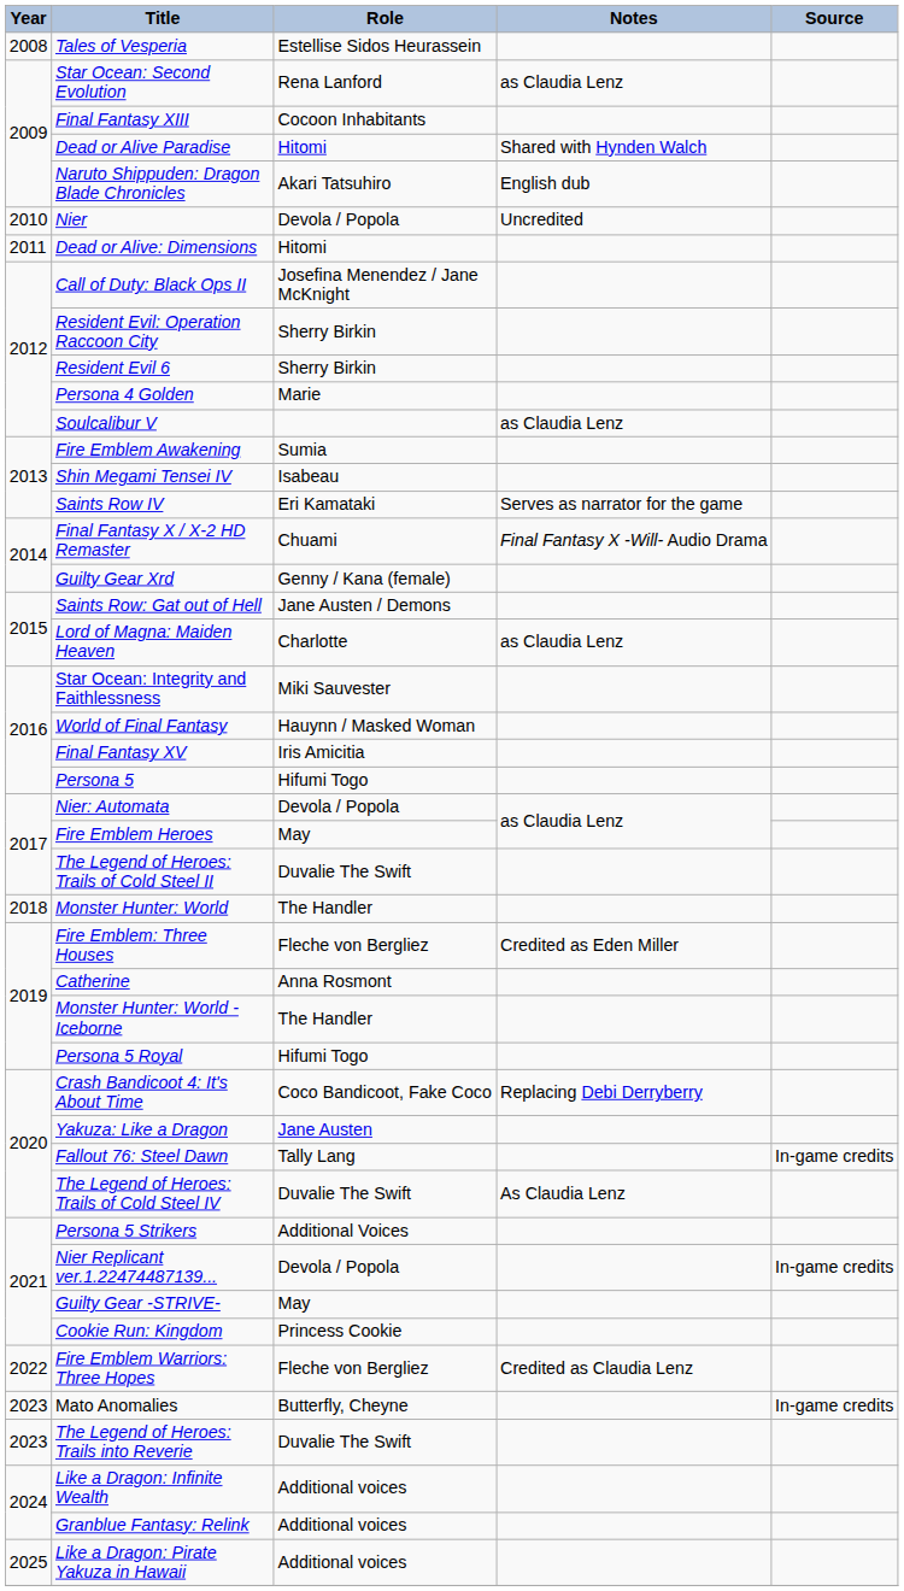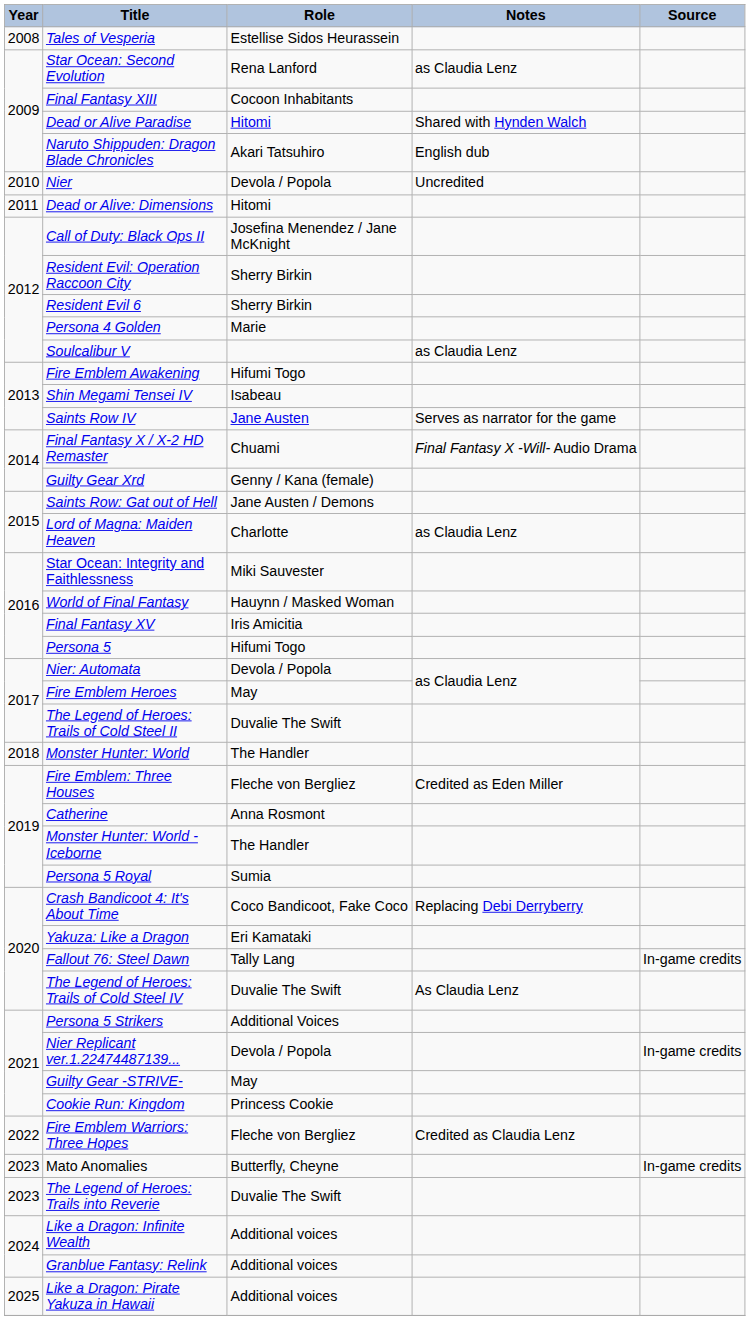 <table class="wikitable sortable plainrowheaders" style="width=95%;  font-size: 100%;">
 <tr style="background:#ccc; text-align:center;">
 <th style="background:#b0c4de;">Year</th>
 <th style="background:#b0c4de; width:200px;">Title</th>
 <th style="background:#b0c4de; width:200px;">Role</th>
 <th style="background:#b0c4de;" class="unsortable">Notes</th>
 <th style="background:#b0c4de;" class="unsortable">Source</th>
 </tr>
 <tr>
 <td>2008</td>
 <td><em><a href='#'>Tales of Vesperia</a></em></td>
 <td>Estellise Sidos Heurassein</td>
 <td></td>
 <td></td>
 </tr>
 <tr>
 <td rowspan="4">2009</td>
 <td><em><a href='#'>Star Ocean: Second Evolution</a></em></td>
 <td>Rena Lanford</td>
 <td>as Claudia Lenz</td>
 <td></td>
 </tr>
 <tr>
 <td><em><a href='#'>Final Fantasy XIII</a></em></td>
 <td>Cocoon Inhabitants</td>
 <td></td>
 <td></td>
 </tr>
 <tr>
 <td><em><a href='#'>Dead or Alive Paradise</a></em></td>
 <td><a href='#'>Hitomi</a></td>
 <td>Shared with <a href='#'>Hynden Walch</a></td>
 <td></td>
 </tr>
 <tr>
 <td><em><a href='#'>Naruto Shippuden: Dragon Blade Chronicles</a></em></td>
 <td>Akari Tatsuhiro</td>
 <td>English dub</td>
 <td></td>
 </tr>
 <tr>
 <td>2010</td>
 <td><em><a href='#'>Nier</a></em></td>
 <td>Devola  / Popola</td>
 <td>Uncredited</td>
 <td></td>
 </tr>
 <tr>
 <td>2011</td>
 <td><em><a href='#'>Dead or Alive: Dimensions</a></em></td>
 <td>Hitomi</td>
 <td></td>
 <td></td>
 </tr>
 <tr>
 <td rowspan="5">2012</td>
 <td><em><a href='#'>Call of Duty: Black Ops II</a></em></td>
 <td>Josefina Menendez / Jane McKnight</td>
 <td></td>
 <td></td>
 </tr>
 <tr>
 <td><em><a href='#'>Resident Evil: Operation Raccoon City</a></em></td>
 <td>Sherry Birkin</td>
 <td></td>
 <td></td>
 </tr>
 <tr>
 <td><em><a href='#'>Resident Evil 6</a></em></td>
 <td>Sherry Birkin</td>
 <td></td>
 <td></td>
 </tr>
 <tr>
 <td><em><a href='#'>Persona 4 Golden</a></em></td>
 <td>Marie</td>
 <td></td>
 <td></td>
 </tr>
 <tr>
 <td><em><a href='#'>Soulcalibur V</a></em></td>
 <td></td>
 <td>as Claudia Lenz</td>
 <td></td>
 </tr>
 <tr>
 <td rowspan="3">2013</td>
 <td><em><a href='#'>Fire Emblem Awakening</a></em></td>
-<td>Sumia</td>
+<td>Hifumi Togo</td>
 <td></td>
 <td></td>
 </tr>
 <tr>
 <td><em><a href='#'>Shin Megami Tensei IV</a></em></td>
 <td>Isabeau</td>
 <td></td>
 <td></td>
 </tr>
 <tr>
 <td><em><a href='#'>Saints Row IV</a></em></td>
-<td>Eri Kamataki</td>
+<td><a href='#'>Jane Austen</a></td>
 <td>Serves as narrator for the game</td>
 <td></td>
 </tr>
 <tr>
 <td rowspan="2">2014</td>
 <td><em><a href='#'>Final Fantasy X / X-2 HD Remaster</a></em></td>
 <td>Chuami</td>
 <td><em>Final Fantasy X -Will-</em> Audio Drama</td>
 <td></td>
 </tr>
 <tr>
 <td><em><a href='#'>Guilty Gear Xrd</a></em></td>
 <td>Genny / Kana (female)</td>
 <td></td>
 <td></td>
 </tr>
 <tr>
 <td rowspan="2">2015</td>
 <td><em><a href='#'>Saints Row: Gat out of Hell</a></em></td>
 <td>Jane Austen / Demons</td>
 <td></td>
 <td></td>
 </tr>
 <tr>
 <td><em><a href='#'>Lord of Magna: Maiden Heaven</a></em></td>
 <td>Charlotte</td>
 <td>as Claudia Lenz</td>
 <td></td>
 </tr>
 <tr>
 <td rowspan="4">2016</td>
 <td><a href='#'>Star Ocean: Integrity and Faithlessness</a></td>
 <td>Miki Sauvester</td>
 <td></td>
 <td></td>
 </tr>
 <tr>
 <td><em><a href='#'>World of Final Fantasy</a></em></td>
 <td>Hauynn / Masked Woman</td>
 <td></td>
 <td></td>
 </tr>
 <tr>
 <td><em><a href='#'>Final Fantasy XV</a></em></td>
 <td>Iris Amicitia</td>
 <td></td>
 <td></td>
 </tr>
 <tr>
 <td><em><a href='#'>Persona 5</a></em></td>
 <td>Hifumi Togo</td>
 <td></td>
 <td></td>
 </tr>
 <tr>
 <td rowspan="3">2017</td>
 <td><em><a href='#'>Nier: Automata</a></em></td>
 <td>Devola / Popola</td>
 <td rowspan="2">as Claudia Lenz</td>
 <td></td>
 </tr>
 <tr>
 <td><em><a href='#'>Fire Emblem Heroes</a></em></td>
 <td>May</td>
 <td></td>
 </tr>
 <tr>
 <td><em><a href='#'>The Legend of Heroes: Trails of Cold Steel II</a></em></td>
 <td>Duvalie The Swift</td>
 <td></td>
 <td></td>
 </tr>
 <tr>
 <td>2018</td>
 <td><em><a href='#'>Monster Hunter: World</a></em></td>
 <td>The Handler</td>
 <td></td>
 <td></td>
 </tr>
 <tr>
 <td rowspan="4">2019</td>
 <td><em><a href='#'>Fire Emblem: Three Houses</a></em></td>
 <td>Fleche von Bergliez</td>
 <td>Credited as Eden Miller</td>
 <td></td>
 </tr>
 <tr>
 <td><em><a href='#'>Catherine</a></em></td>
 <td>Anna Rosmont</td>
 <td></td>
 <td></td>
 </tr>
 <tr>
 <td><em><a href='#'>Monster Hunter: World - Iceborne</a></em></td>
 <td>The Handler</td>
 <td></td>
 <td></td>
 </tr>
 <tr>
 <td><em><a href='#'>Persona 5 Royal</a></em></td>
-<td>Hifumi Togo</td>
+<td>Sumia</td>
 <td></td>
 <td></td>
 </tr>
 <tr>
 <td rowspan="4">2020</td>
 <td><em><a href='#'>Crash Bandicoot 4: It's About Time</a></em></td>
 <td>Coco Bandicoot, Fake Coco</td>
 <td>Replacing <a href='#'>Debi Derryberry</a></td>
 <td></td>
 </tr>
 <tr>
 <td><em><a href='#'>Yakuza: Like a Dragon</a></em></td>
-<td><a href='#'>Jane Austen</a></td>
+<td>Eri Kamataki</td>
 <td></td>
 <td></td>
 </tr>
 <tr>
 <td><em><a href='#'>Fallout 76: Steel Dawn</a></em></td>
 <td>Tally Lang</td>
 <td></td>
 <td>In-game credits</td>
 </tr>
 <tr>
 <td><em><a href='#'>The Legend of Heroes: Trails of Cold Steel IV</a></em></td>
 <td>Duvalie The Swift</td>
 <td>As Claudia Lenz</td>
 <td></td>
 </tr>
 <tr>
 <td rowspan="4">2021</td>
 <td><em><a href='#'>Persona 5 Strikers</a></em></td>
 <td>Additional Voices</td>
 <td></td>
 <td></td>
 </tr>
 <tr>
 <td><em><a href='#'>Nier Replicant ver.1.22474487139...</a></em></td>
 <td>Devola / Popola</td>
 <td></td>
 <td>In-game credits</td>
 </tr>
 <tr>
 <td><em><a href='#'>Guilty Gear -STRIVE-</a></em></td>
 <td>May</td>
 <td></td>
 <td></td>
 </tr>
 <tr>
 <td><em><a href='#'>Cookie Run: Kingdom</a></em></td>
 <td>Princess Cookie</td>
 <td></td>
 <td></td>
 </tr>
 <tr>
 <td rowspan="1">2022</td>
 <td><em><a href='#'>Fire Emblem Warriors: Three Hopes</a></em></td>
 <td>Fleche von Bergliez</td>
 <td>Credited as Claudia Lenz</td>
 <td></td>
 </tr>
 <tr>
 <td>2023</td>
 <td>Mato Anomalies</td>
 <td>Butterfly, Cheyne</td>
 <td></td>
 <td>In-game credits</td>
 </tr>
 <tr>
 <td rowspan="1">2023</td>
 <td><em><a href='#'>The Legend of Heroes: Trails into Reverie</a></em></td>
 <td>Duvalie The Swift</td>
 <td></td>
 <td></td>
 </tr>
 <tr>
 <td rowspan="2">2024</td>
 <td><em><a href='#'>Like a Dragon: Infinite Wealth</a></em></td>
 <td>Additional voices</td>
 <td></td>
 <td></td>
 </tr>
 <tr>
 <td><em><a href='#'>Granblue Fantasy: Relink</a></em></td>
 <td>Additional voices</td>
 <td></td>
 <td></td>
 </tr>
 <tr>
 <td rowspan="1">2025</td>
 <td><em><a href='#'>Like a Dragon: Pirate Yakuza in Hawaii</a></em></td>
 <td>Additional voices</td>
 <td></td>
 <td></td>
 </tr>
 <tr>
 </tr>
 </table>
